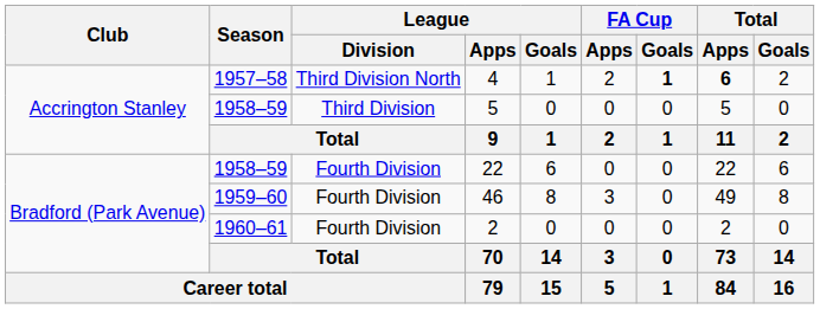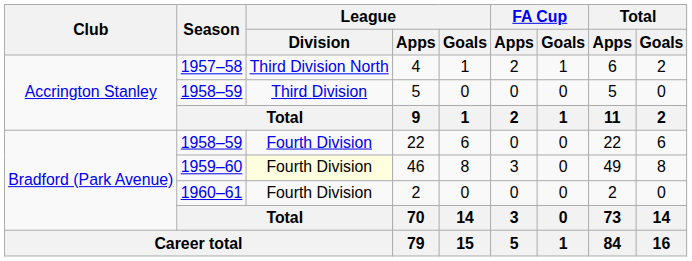 <table class=wikitable style="text-align: center">
 <tr>
 <th rowspan=2>Club</th>
 <th rowspan=2>Season</th>
 <th colspan=3>League</th>
 <th colspan=2><a href='#'>FA Cup</a></th>
 <th colspan=2>Total</th>
 </tr>
 <tr>
 <th>Division</th>
 <th>Apps</th>
 <th>Goals</th>
 <th>Apps</th>
 <th>Goals</th>
 <th>Apps</th>
 <th>Goals</th>
 </tr>
 <tr>
 <td rowspan="3"><a href='#'>Accrington Stanley</a></td>
 <td><a href='#'>1957–58</a></td>
 <td><a href='#'>Third Division North</a></td>
 <td>4</td>
 <td>1</td>
 <td>2</td>
-<td><strong>1</strong></td>
-<td><strong>6</strong></td>
+<td>1</td>
+<td>6</td>
 <td>2</td>
 </tr>
 <tr>
 <td><a href='#'>1958–59</a></td>
 <td><a href='#'>Third Division</a></td>
 <td>5</td>
 <td>0</td>
 <td>0</td>
 <td>0</td>
 <td>5</td>
 <td>0</td>
 </tr>
 <tr>
 <th colspan=2>Total</th>
 <th>9</th>
 <th>1</th>
 <th>2</th>
 <th>1</th>
 <th>11</th>
 <th>2</th>
 </tr>
 <tr>
 <td rowspan="4"><a href='#'>Bradford (Park Avenue)</a></td>
 <td><a href='#'>1958–59</a></td>
 <td><a href='#'>Fourth Division</a></td>
 <td>22</td>
 <td>6</td>
 <td>0</td>
 <td>0</td>
 <td>22</td>
 <td>6</td>
 </tr>
 <tr>
 <td><a href='#'>1959–60</a></td>
-<td>Fourth Division</td>
+<td style="background: lightyellow;">Fourth Division</td>
 <td>46</td>
 <td>8</td>
 <td>3</td>
 <td>0</td>
 <td>49</td>
 <td>8</td>
 </tr>
 <tr>
 <td><a href='#'>1960–61</a></td>
 <td>Fourth Division</td>
 <td>2</td>
 <td>0</td>
 <td>0</td>
 <td>0</td>
 <td>2</td>
 <td>0</td>
 </tr>
 <tr>
 <th colspan=2>Total</th>
 <th>70</th>
 <th>14</th>
 <th>3</th>
 <th>0</th>
 <th>73</th>
 <th>14</th>
 </tr>
 <tr>
 <th colspan=3>Career total</th>
 <th>79</th>
 <th>15</th>
 <th>5</th>
 <th>1</th>
 <th>84</th>
 <th>16</th>
 </tr>
 </table>
